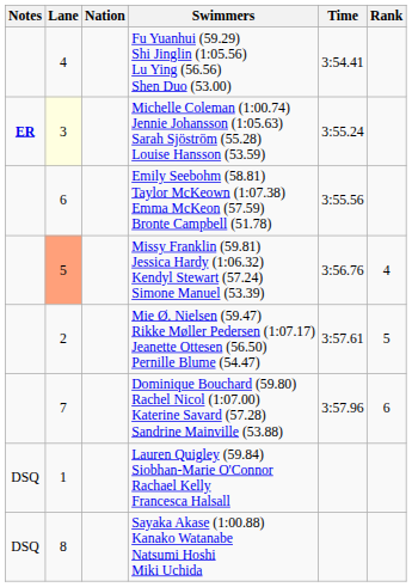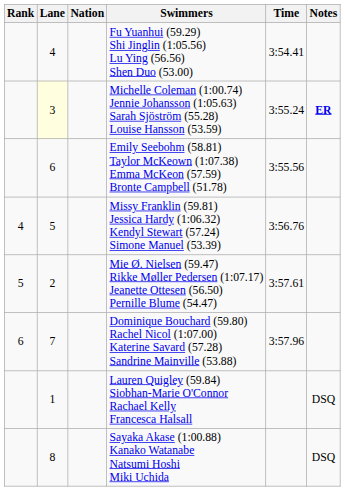 <table class="wikitable sortable" style="text-align:center">
 <tr>
-<th>Notes</th>
+<th>Rank</th>
 <th>Lane</th>
 <th>Nation</th>
 <th>Swimmers</th>
 <th>Time</th>
-<th>Rank</th>
+<th>Notes</th>
 </tr>
 <tr>
 <td></td>
 <td>4</td>
 <td align=left></td>
 <td align=left><a href='#'>Fu Yuanhui</a> (59.29)<br><a href='#'>Shi Jinglin</a> (1:05.56)<br><a href='#'>Lu Ying</a> (56.56)<br><a href='#'>Shen Duo</a> (53.00)</td>
 <td>3:54.41</td>
 <td></td>
 </tr>
 <tr>
-<td><strong><a href='#'>ER</a></strong></td>
+<td></td>
 <td style="background: lightyellow;">3</td>
 <td align=left></td>
 <td align=left><a href='#'>Michelle Coleman</a> (1:00.74)<br><a href='#'>Jennie Johansson</a> (1:05.63)<br><a href='#'>Sarah Sjöström</a> (55.28)<br><a href='#'>Louise Hansson</a> (53.59)</td>
 <td>3:55.24</td>
-<td></td>
+<td><strong><a href='#'>ER</a></strong></td>
 </tr>
 <tr>
 <td></td>
 <td>6</td>
 <td align=left></td>
 <td align=left><a href='#'>Emily Seebohm</a> (58.81)<br><a href='#'>Taylor McKeown</a> (1:07.38)<br><a href='#'>Emma McKeon</a> (57.59)<br><a href='#'>Bronte Campbell</a> (51.78)</td>
 <td>3:55.56</td>
 <td></td>
 </tr>
 <tr>
-<td></td>
-<td style="background: lightsalmon;">5</td>
+<td>4</td>
+<td>5</td>
 <td align=left></td>
 <td align=left><a href='#'>Missy Franklin</a> (59.81)<br><a href='#'>Jessica Hardy</a> (1:06.32)<br><a href='#'>Kendyl Stewart</a> (57.24)<br><a href='#'>Simone Manuel</a> (53.39)</td>
 <td>3:56.76</td>
-<td>4</td>
+<td></td>
 </tr>
 <tr>
-<td></td>
+<td>5</td>
 <td>2</td>
 <td align=left></td>
 <td align=left><a href='#'>Mie Ø. Nielsen</a> (59.47)<br><a href='#'>Rikke Møller Pedersen</a> (1:07.17)<br><a href='#'>Jeanette Ottesen</a> (56.50)<br><a href='#'>Pernille Blume</a> (54.47)</td>
 <td>3:57.61</td>
-<td>5</td>
+<td></td>
 </tr>
 <tr>
-<td></td>
+<td>6</td>
 <td>7</td>
 <td align=left></td>
 <td align=left><a href='#'>Dominique Bouchard</a> (59.80)<br><a href='#'>Rachel Nicol</a> (1:07.00)<br><a href='#'>Katerine Savard</a> (57.28)<br><a href='#'>Sandrine Mainville</a> (53.88)</td>
 <td>3:57.96</td>
-<td>6</td>
+<td></td>
 </tr>
 <tr>
-<td>DSQ</td>
+<td></td>
 <td>1</td>
 <td align=left></td>
 <td align=left><a href='#'>Lauren Quigley</a> (59.84)<br><a href='#'>Siobhan-Marie O'Connor</a><br><a href='#'>Rachael Kelly</a><br><a href='#'>Francesca Halsall</a></td>
 <td></td>
-<td></td>
+<td>DSQ</td>
 </tr>
 <tr>
-<td>DSQ</td>
+<td></td>
 <td>8</td>
 <td align=left></td>
 <td align=left><a href='#'>Sayaka Akase</a> (1:00.88)<br><a href='#'>Kanako Watanabe</a><br><a href='#'>Natsumi Hoshi</a><br><a href='#'>Miki Uchida</a></td>
 <td></td>
-<td></td>
+<td>DSQ</td>
 </tr>
 </table>
